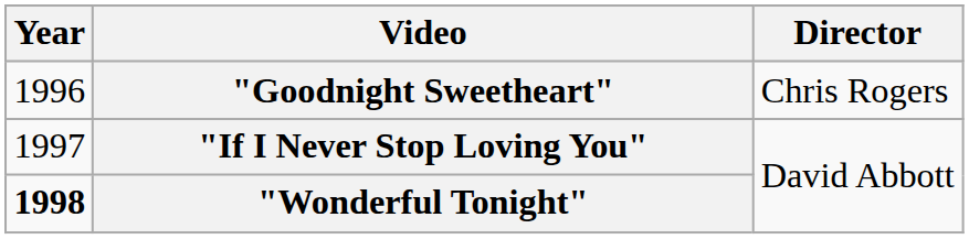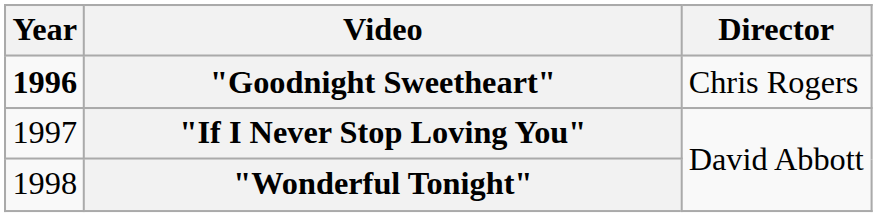 <table class="wikitable plainrowheaders">
 <tr>
 <th>Year</th>
 <th style="width:18em;">Video</th>
 <th>Director</th>
 </tr>
 <tr>
-<td>1996</td>
+<td><strong>1996</strong></td>
 <th scope="row">"Goodnight Sweetheart"</th>
 <td>Chris Rogers</td>
 </tr>
 <tr>
 <td>1997</td>
 <th scope="row">"If I Never Stop Loving You"</th>
 <td rowspan="2">David Abbott</td>
 </tr>
 <tr>
-<td><strong>1998</strong></td>
+<td>1998</td>
 <th scope="row">"Wonderful Tonight"</th>
 </tr>
 </table>
